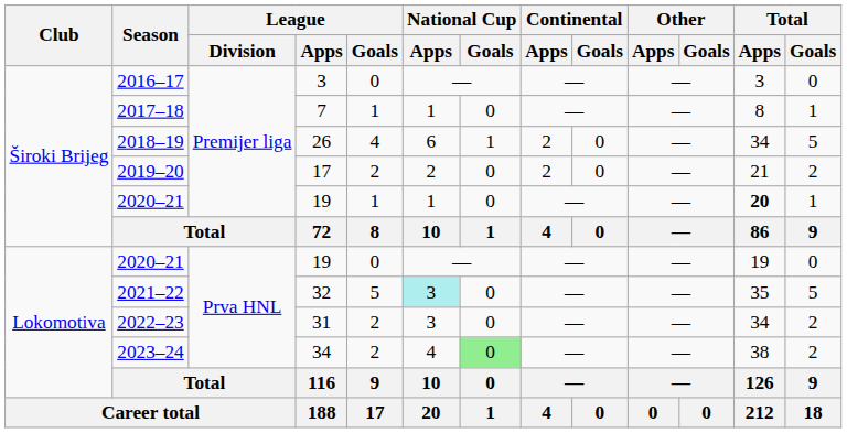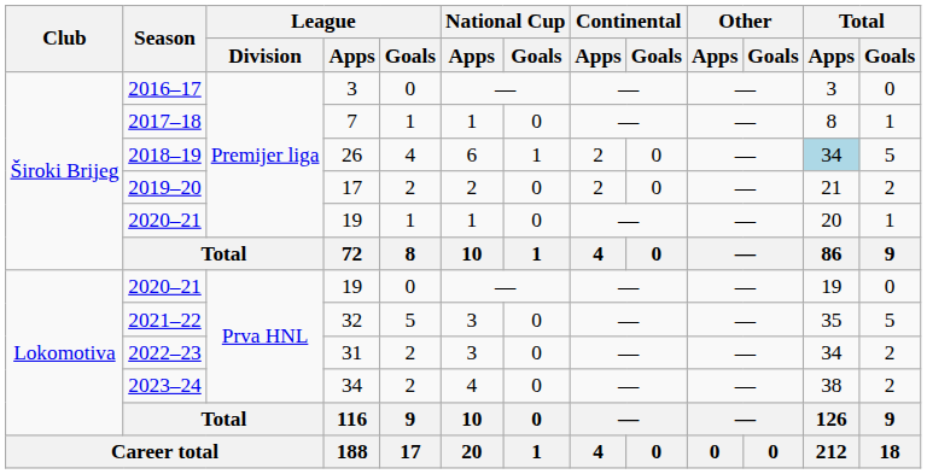 <table class="wikitable" style="text-align:center">
 <tr>
 <th rowspan="2">Club</th>
 <th rowspan="2">Season</th>
 <th colspan="3">League</th>
 <th colspan="2">National Cup</th>
 <th colspan="2">Continental</th>
 <th colspan="2">Other</th>
 <th colspan="2">Total</th>
 </tr>
 <tr>
 <th>Division</th>
 <th>Apps</th>
 <th>Goals</th>
 <th>Apps</th>
 <th>Goals</th>
 <th>Apps</th>
 <th>Goals</th>
 <th>Apps</th>
 <th>Goals</th>
 <th>Apps</th>
 <th>Goals</th>
 </tr>
 <tr>
 <td rowspan="6"><a href='#'>Široki Brijeg</a></td>
 <td><a href='#'>2016–17</a></td>
 <td rowspan="5"><a href='#'>Premijer liga</a></td>
 <td>3</td>
 <td>0</td>
 <td colspan="2">—</td>
 <td colspan="2">—</td>
 <td colspan="2">—</td>
 <td>3</td>
 <td>0</td>
 </tr>
 <tr>
 <td><a href='#'>2017–18</a></td>
 <td>7</td>
 <td>1</td>
 <td>1</td>
 <td>0</td>
 <td colspan="2">—</td>
 <td colspan="2">—</td>
 <td>8</td>
 <td>1</td>
 </tr>
 <tr>
 <td><a href='#'>2018–19</a></td>
 <td>26</td>
 <td>4</td>
 <td>6</td>
 <td>1</td>
 <td>2</td>
 <td>0</td>
 <td colspan="2">—</td>
-<td>34</td>
+<td style="background: lightblue;">34</td>
 <td>5</td>
 </tr>
 <tr>
 <td><a href='#'>2019–20</a></td>
 <td>17</td>
 <td>2</td>
 <td>2</td>
 <td>0</td>
 <td>2</td>
 <td>0</td>
 <td colspan="2">—</td>
 <td>21</td>
 <td>2</td>
 </tr>
 <tr>
 <td><a href='#'>2020–21</a></td>
 <td>19</td>
 <td>1</td>
 <td>1</td>
 <td>0</td>
 <td colspan="2">—</td>
 <td colspan="2">—</td>
-<td><strong>20</strong></td>
+<td>20</td>
 <td>1</td>
 </tr>
 <tr>
 <th colspan="2">Total</th>
 <th>72</th>
 <th>8</th>
 <th>10</th>
 <th>1</th>
 <th>4</th>
 <th>0</th>
 <th colspan="2">—</th>
 <th>86</th>
 <th>9</th>
 </tr>
 <tr>
 <td rowspan="5"><a href='#'>Lokomotiva</a></td>
 <td><a href='#'>2020–21</a></td>
 <td rowspan="4"><a href='#'>Prva HNL</a></td>
 <td>19</td>
 <td>0</td>
 <td colspan="2">—</td>
 <td colspan="2">—</td>
 <td colspan="2">—</td>
 <td>19</td>
 <td>0</td>
 </tr>
 <tr>
 <td><a href='#'>2021–22</a></td>
 <td>32</td>
 <td>5</td>
-<td style="background: paleturquoise;">3</td>
+<td>3</td>
 <td>0</td>
 <td colspan="2">—</td>
 <td colspan="2">—</td>
 <td>35</td>
 <td>5</td>
 </tr>
 <tr>
 <td><a href='#'>2022–23</a></td>
 <td>31</td>
 <td>2</td>
 <td>3</td>
 <td>0</td>
 <td colspan="2">—</td>
 <td colspan="2">—</td>
 <td>34</td>
 <td>2</td>
 </tr>
 <tr>
 <td><a href='#'>2023–24</a></td>
 <td>34</td>
 <td>2</td>
 <td>4</td>
-<td style="background: lightgreen;">0</td>
+<td>0</td>
 <td colspan="2">—</td>
 <td colspan="2">—</td>
 <td>38</td>
 <td>2</td>
 </tr>
 <tr>
 <th colspan="2">Total</th>
 <th>116</th>
 <th>9</th>
 <th>10</th>
 <th>0</th>
 <th colspan="2">—</th>
 <th colspan="2">—</th>
 <th>126</th>
 <th>9</th>
 </tr>
 <tr>
 <th colspan="3">Career total</th>
 <th>188</th>
 <th>17</th>
 <th>20</th>
 <th>1</th>
 <th>4</th>
 <th>0</th>
 <th>0</th>
 <th>0</th>
 <th>212</th>
 <th>18</th>
 </tr>
 </table>
